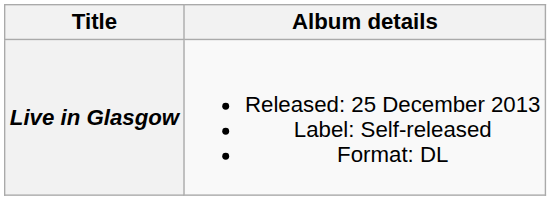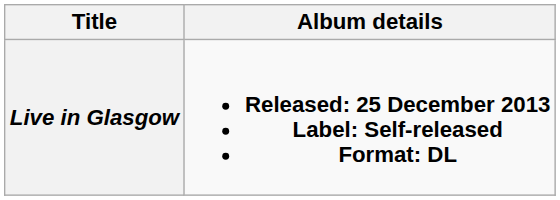 <table class="wikitable plainrowheaders" style="text-align:center;">
 <tr>
 <th scope="col">Title</th>
 <th scope="col">Album details</th>
 </tr>
 <tr>
 <th scope="row"><strong><em>Live in Glasgow</em></strong></th>
-<td><br><ul><li>Released: 25 December 2013</li><li>Label: Self-released</li><li>Format: DL</li></ul></td>
+<td><strong><br><ul><li>Released: 25 December 2013</li><li>Label: Self-released</li><li>Format: DL</li></ul></strong></td>
 </tr>
 </table>
